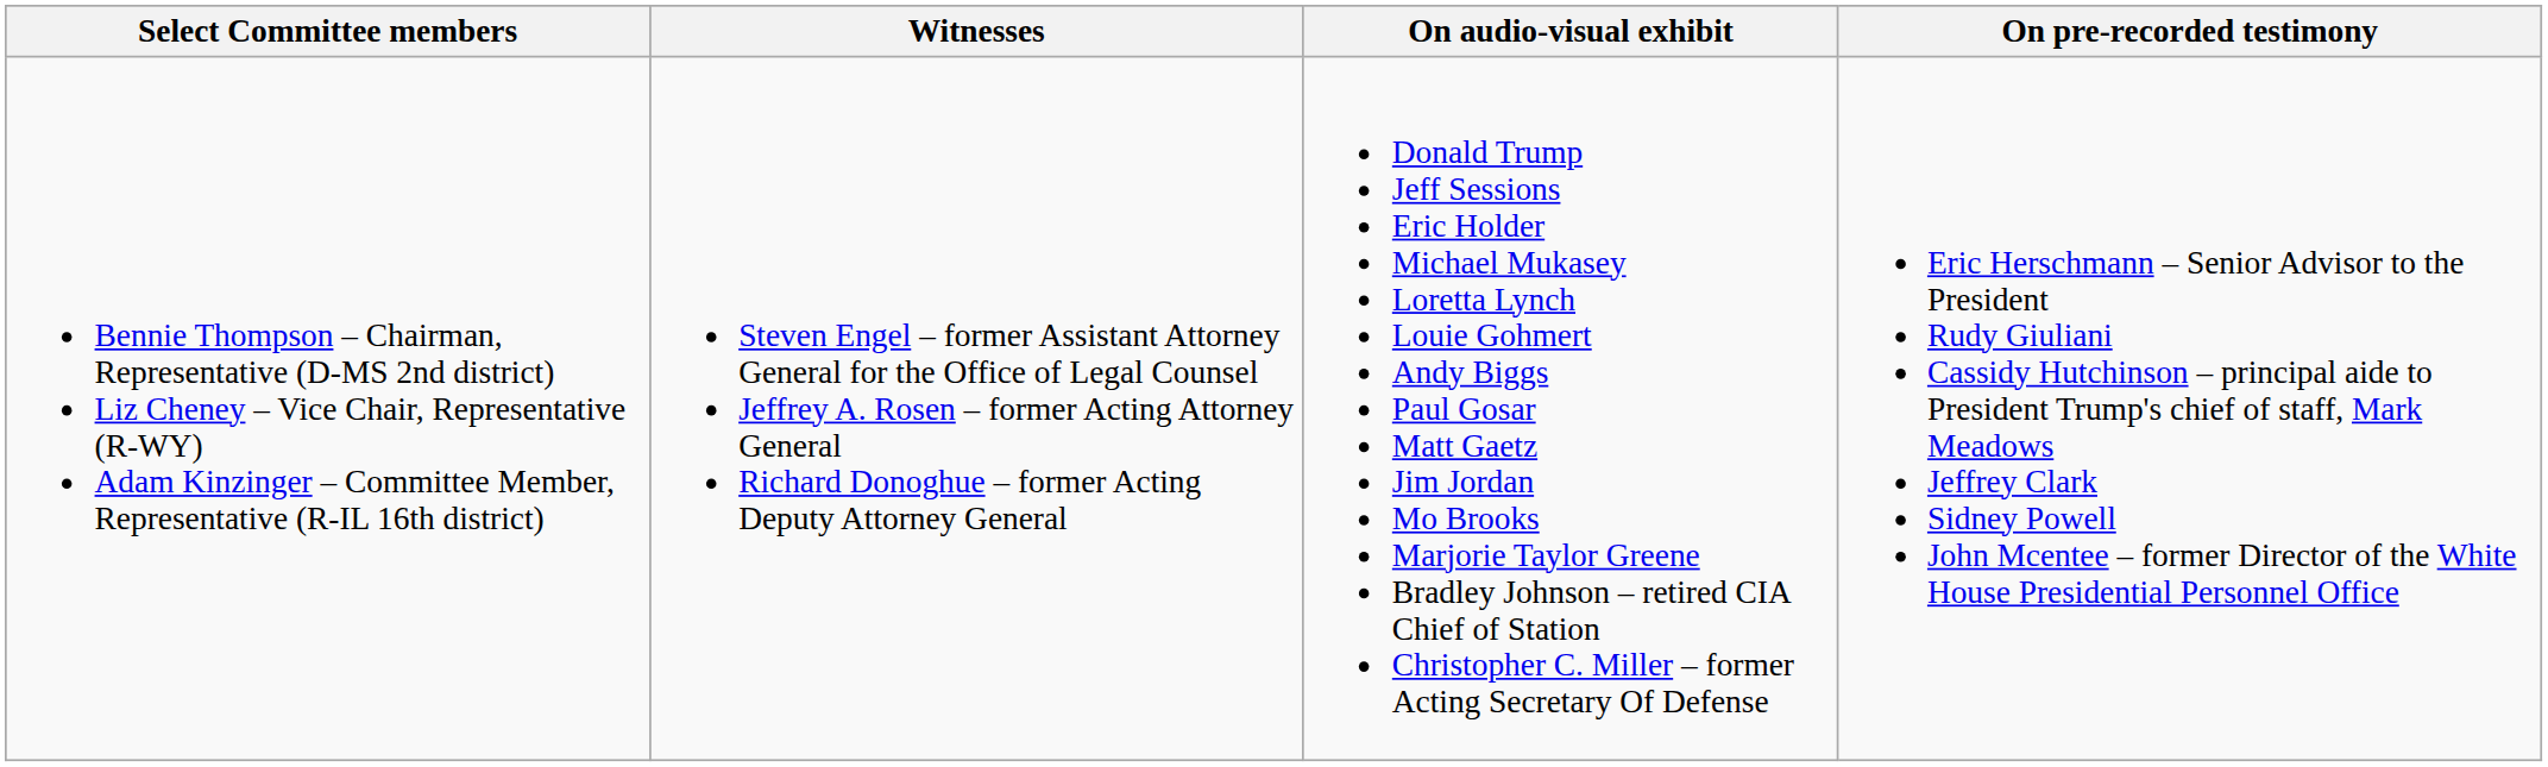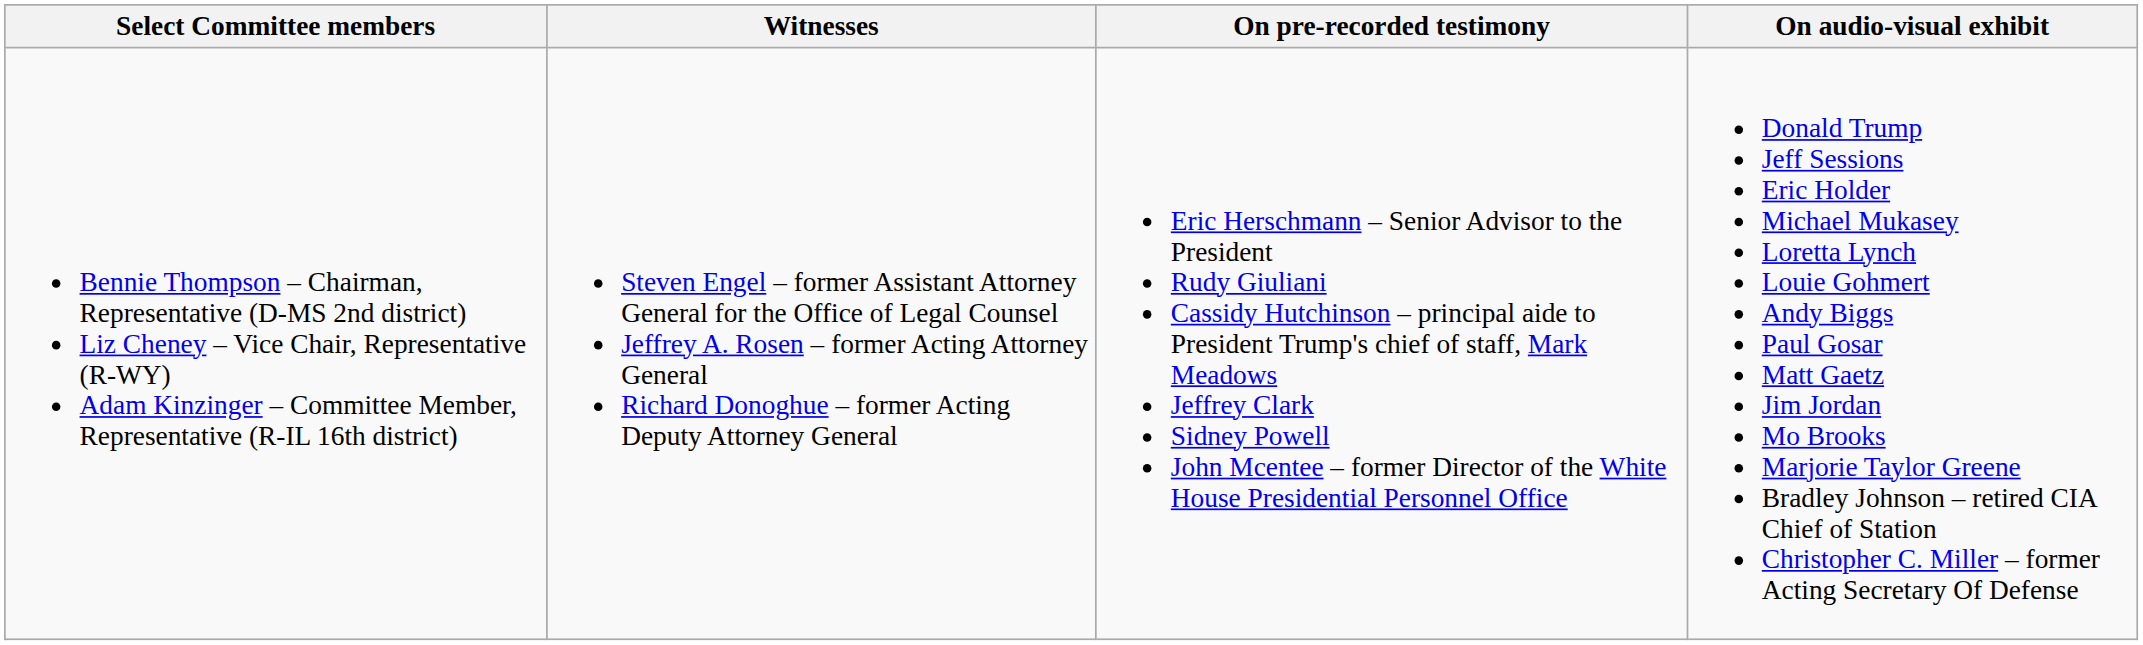 <table class="vertical-align-top wikitable mw-collapsible mw-collapsed">
 <tr>
 <th>Select Committee members</th>
 <th>Witnesses</th>
+<th>On pre-recorded testimony</th>
 <th>On audio-visual exhibit</th>
-<th>On pre-recorded testimony</th>
 </tr>
 <tr>
 <td><br><ul><li><a href='#'>Bennie Thompson</a> – Chairman, Representative (D-MS 2nd district)</li><li><a href='#'>Liz Cheney</a> – Vice Chair, Representative (R-WY)</li><li><a href='#'>Adam Kinzinger</a> – Committee Member, Representative (R-IL 16th district)</li></ul></td>
 <td><br><ul><li><a href='#'>Steven Engel</a> – former Assistant Attorney General for the Office of Legal Counsel</li><li><a href='#'>Jeffrey A. Rosen</a> – former Acting Attorney General</li><li><a href='#'>Richard Donoghue</a> – former Acting Deputy Attorney General</li></ul></td>
+<td><br><ul><li><a href='#'>Eric Herschmann</a> – Senior Advisor to the President</li><li><a href='#'>Rudy Giuliani</a></li><li><a href='#'>Cassidy Hutchinson</a> – principal aide to President Trump's chief of staff, <a href='#'>Mark Meadows</a></li><li><a href='#'>Jeffrey Clark</a></li><li><a href='#'>Sidney Powell</a></li><li><a href='#'>John Mcentee</a> – former Director of the <a href='#'>White House Presidential Personnel Office</a></li></ul></td>
 <td><br><ul><li><a href='#'>Donald Trump</a></li><li><a href='#'>Jeff Sessions</a></li><li><a href='#'>Eric Holder</a></li><li><a href='#'>Michael Mukasey</a></li><li><a href='#'>Loretta Lynch</a></li><li><a href='#'>Louie Gohmert</a></li><li><a href='#'>Andy Biggs</a></li><li><a href='#'>Paul Gosar</a></li><li><a href='#'>Matt Gaetz</a></li><li><a href='#'>Jim Jordan</a></li><li><a href='#'>Mo Brooks</a></li><li><a href='#'>Marjorie Taylor Greene</a></li><li>Bradley Johnson – retired CIA Chief of Station</li><li><a href='#'>Christopher C. Miller</a> – former Acting Secretary Of Defense</li></ul></td>
-<td><br><ul><li><a href='#'>Eric Herschmann</a> – Senior Advisor to the President</li><li><a href='#'>Rudy Giuliani</a></li><li><a href='#'>Cassidy Hutchinson</a> – principal aide to President Trump's chief of staff, <a href='#'>Mark Meadows</a></li><li><a href='#'>Jeffrey Clark</a></li><li><a href='#'>Sidney Powell</a></li><li><a href='#'>John Mcentee</a> – former Director of the <a href='#'>White House Presidential Personnel Office</a></li></ul></td>
 </tr>
 </table>
